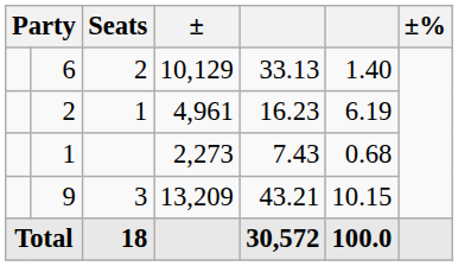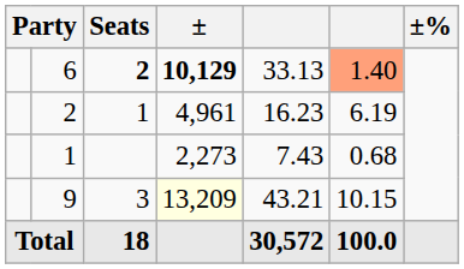 <table class=wikitable>
 <tr>
 <th colspan=2 align=center>Party</th>
 <th>Seats</th>
 <th>±</th>
 <th></th>
 <th></th>
 <th>±%</th>
 </tr>
 <tr>
 <td></td>
 <td align=right>6</td>
-<td align=right>2</td>
-<td align=right>10,129</td>
+<td align=right><strong>2</strong></td>
+<td align=right><strong>10,129</strong></td>
 <td align=right>33.13</td>
-<td align=right>1.40</td>
+<td align=right style="background: lightsalmon;">1.40</td>
 </tr>
 <tr>
 <td></td>
 <td align=right>2</td>
 <td align=right>1</td>
 <td align=right>4,961</td>
 <td align=right>16.23</td>
 <td align=right>6.19</td>
 </tr>
 <tr>
 <td></td>
 <td align=right>1</td>
 <td align=right></td>
 <td align=right>2,273</td>
 <td align=right>7.43</td>
 <td align=right>0.68</td>
 </tr>
 <tr>
 <td></td>
 <td align=right>9</td>
 <td align=right>3</td>
-<td align=right>13,209</td>
+<td align=right style="background: lightyellow;">13,209</td>
 <td align=right>43.21</td>
 <td align=right>10.15</td>
 </tr>
 <tr style="font-weight:bold; background:rgb(232,232,232);">
 <td colspan=2 align=center>Total</td>
 <td align=right>18</td>
 <td align=center></td>
 <td align=right>30,572</td>
 <td align=center>100.0</td>
 <td align=center></td>
 </tr>
 </table>
